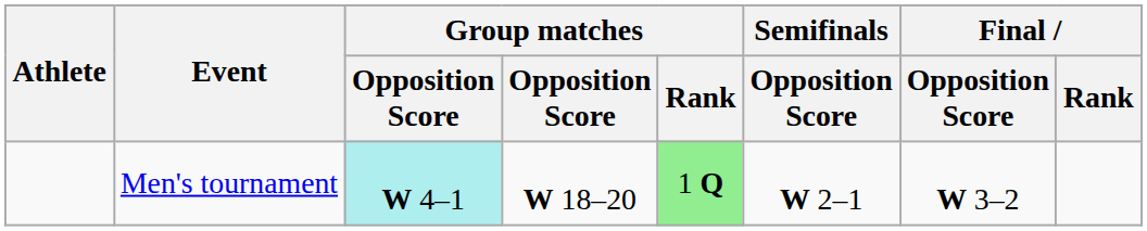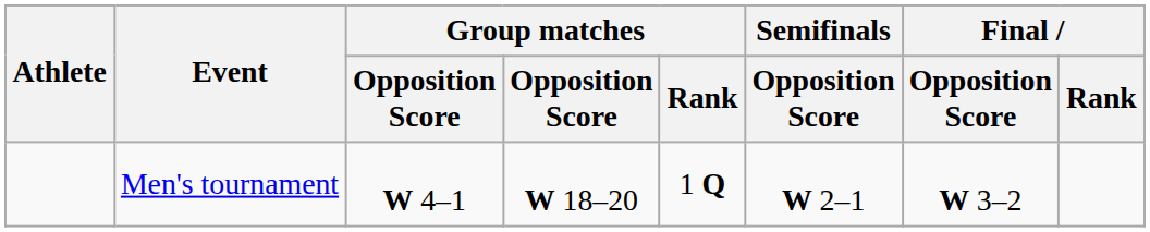 <table class=wikitable style="font-size:90%">
 <tr>
 <th rowspan=2>Athlete</th>
 <th rowspan=2>Event</th>
 <th colspan="3">Group matches</th>
 <th>Semifinals</th>
 <th colspan=2>Final / </th>
 </tr>
 <tr>
 <th>Opposition<br>Score</th>
 <th>Opposition<br>Score</th>
 <th>Rank</th>
 <th>Opposition<br>Score</th>
 <th>Opposition<br>Score</th>
 <th>Rank</th>
 </tr>
 <tr align=center>
 <td></td>
 <td><a href='#'>Men's tournament</a></td>
-<td style="background: paleturquoise;"><br><strong>W</strong> 4–1</td>
+<td><br><strong>W</strong> 4–1</td>
 <td><br><strong>W</strong> 18–20</td>
-<td style="background: lightgreen;">1 <strong>Q</strong></td>
+<td>1 <strong>Q</strong></td>
 <td><br><strong>W</strong> 2–1</td>
 <td><br><strong>W</strong> 3–2</td>
 <td></td>
 </tr>
 </table>
